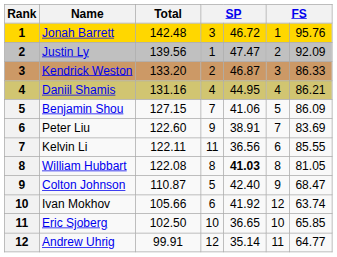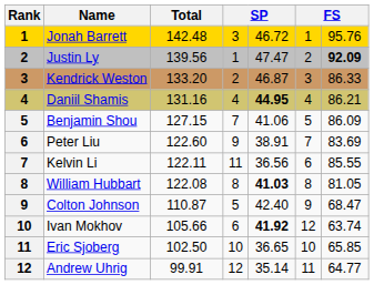 <table class="wikitable sortable">
 <tr>
 <th>Rank</th>
 <th>Name</th>
 <th width="80px">Total</th>
 <th colspan="2" width="80px"><a href='#'>SP</a></th>
 <th colspan="2" width="80px"><a href='#'>FS</a></th>
 </tr>
 <tr bgcolor="gold">
 <td align="center"><strong>1</strong></td>
 <td><a href='#'>Jonah Barrett</a></td>
 <td align="center">142.48</td>
 <td align="center">3</td>
 <td align="center">46.72</td>
 <td align="center">1</td>
 <td align="center">95.76</td>
 </tr>
 <tr bgcolor="silver">
 <td align="center"><strong>2</strong></td>
 <td><a href='#'>Justin Ly</a></td>
 <td align="center">139.56</td>
 <td align="center">1</td>
 <td align="center">47.47</td>
 <td align="center">2</td>
-<td align="center">92.09</td>
+<td align="center"><strong>92.09</strong></td>
 </tr>
 <tr bgcolor="cc9966">
 <td align="center"><strong>3</strong></td>
 <td><a href='#'>Kendrick Weston</a></td>
 <td align="center">133.20</td>
 <td align="center">2</td>
 <td align="center">46.87</td>
 <td align="center">3</td>
 <td align="center">86.33</td>
 </tr>
 <tr bgcolor="#d1c571">
 <td align="center"><strong>4</strong></td>
 <td><a href='#'>Daniil Shamis</a></td>
 <td align="center">131.16</td>
 <td align="center">4</td>
-<td align="center">44.95</td>
+<td align="center"><strong>44.95</strong></td>
 <td align="center">4</td>
 <td align="center">86.21</td>
 </tr>
 <tr>
 <th>5</th>
 <td><a href='#'>Benjamin Shou</a></td>
 <td align="center">127.15</td>
 <td align="center">7</td>
 <td align="center">41.06</td>
 <td align="center">5</td>
 <td align="center">86.09</td>
 </tr>
 <tr>
 <th>6</th>
 <td>Peter Liu</td>
 <td align="center">122.60</td>
 <td align="center">9</td>
 <td align="center">38.91</td>
 <td align="center">7</td>
 <td align="center">83.69</td>
 </tr>
 <tr>
 <th>7</th>
 <td>Kelvin Li</td>
 <td align="center">122.11</td>
 <td align="center">11</td>
 <td align="center">36.56</td>
 <td align="center">6</td>
 <td align="center">85.55</td>
 </tr>
 <tr>
 <th>8</th>
 <td><a href='#'>William Hubbart</a></td>
 <td align="center">122.08</td>
 <td align="center">8</td>
 <td align="center"><strong>41.03</strong></td>
 <td align="center">8</td>
 <td align="center">81.05</td>
 </tr>
 <tr>
 <th>9</th>
 <td><a href='#'>Colton Johnson</a></td>
 <td align="center">110.87</td>
 <td align="center">5</td>
 <td align="center">42.40</td>
 <td align="center">9</td>
 <td align="center">68.47</td>
 </tr>
 <tr>
 <th>10</th>
 <td>Ivan Mokhov</td>
 <td align="center">105.66</td>
 <td align="center">6</td>
-<td align="center">41.92</td>
+<td align="center"><strong>41.92</strong></td>
 <td align="center">12</td>
 <td align="center">63.74</td>
 </tr>
 <tr>
 <th>11</th>
 <td><a href='#'>Eric Sjoberg</a></td>
 <td align="center">102.50</td>
 <td align="center">10</td>
 <td align="center">36.65</td>
 <td align="center">10</td>
 <td align="center">65.85</td>
 </tr>
 <tr>
 <th>12</th>
 <td><a href='#'>Andrew Uhrig</a></td>
 <td align="center">99.91</td>
 <td align="center">12</td>
 <td align="center">35.14</td>
 <td align="center">11</td>
 <td align="center">64.77</td>
 </tr>
 </table>
